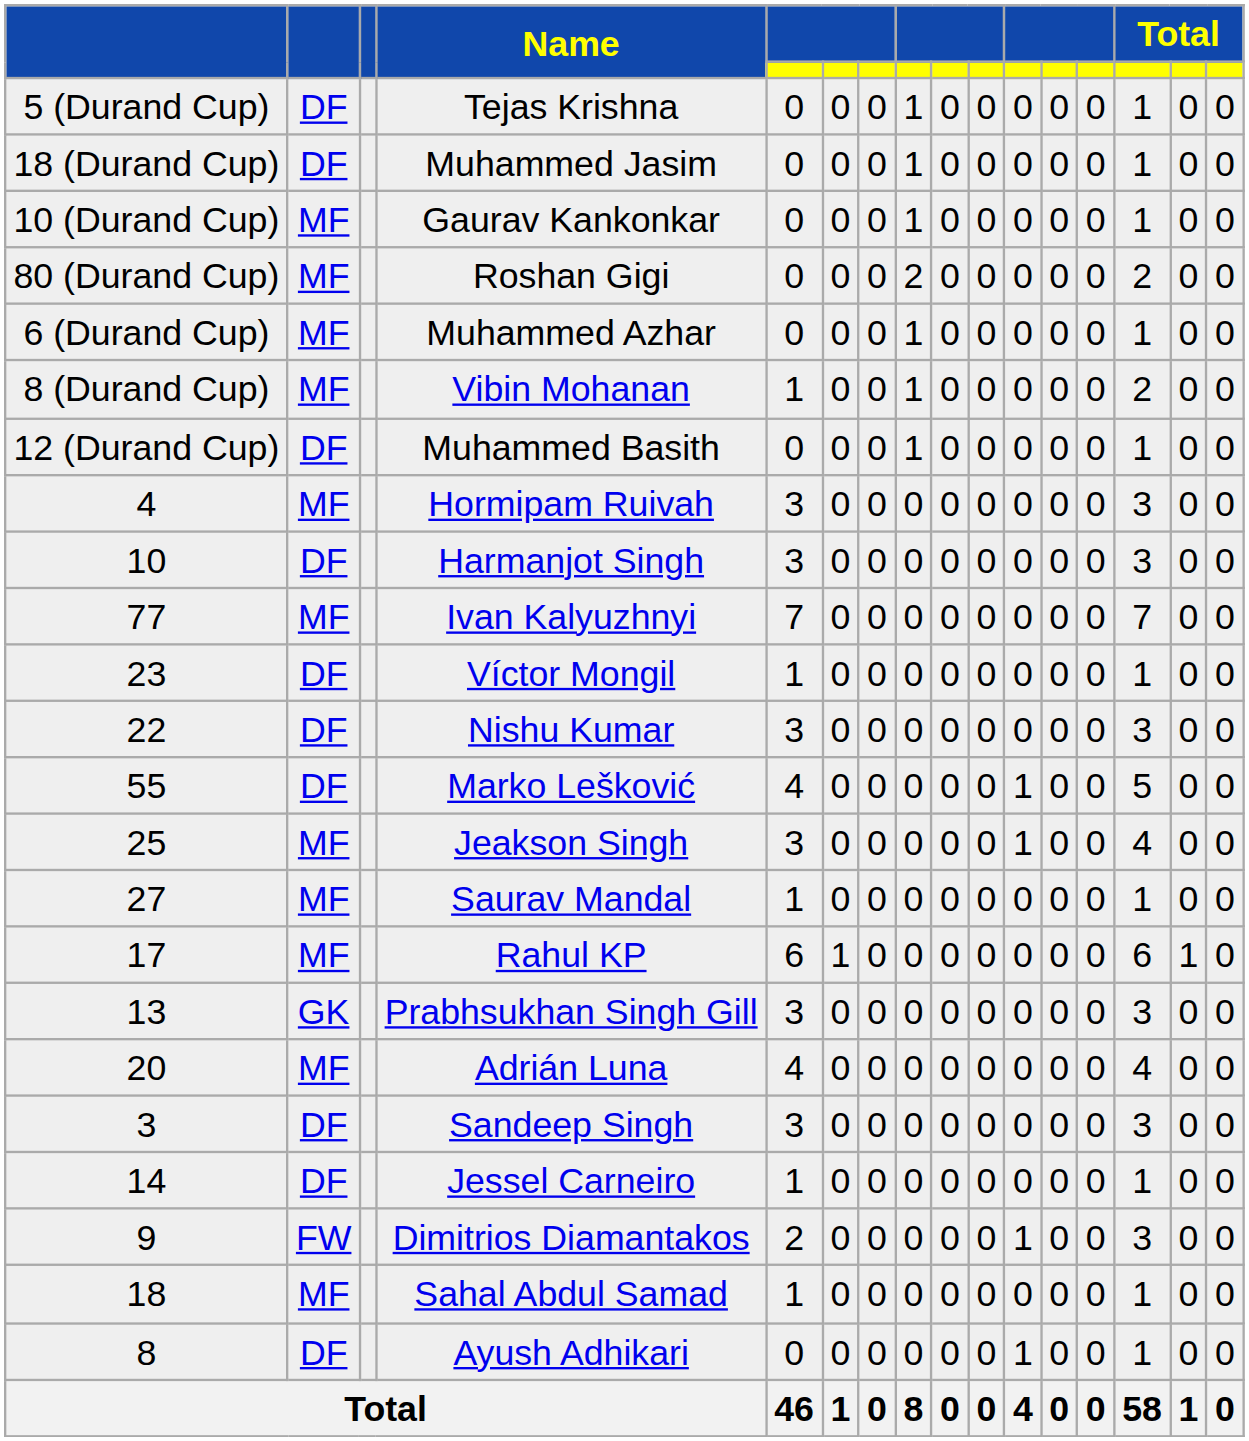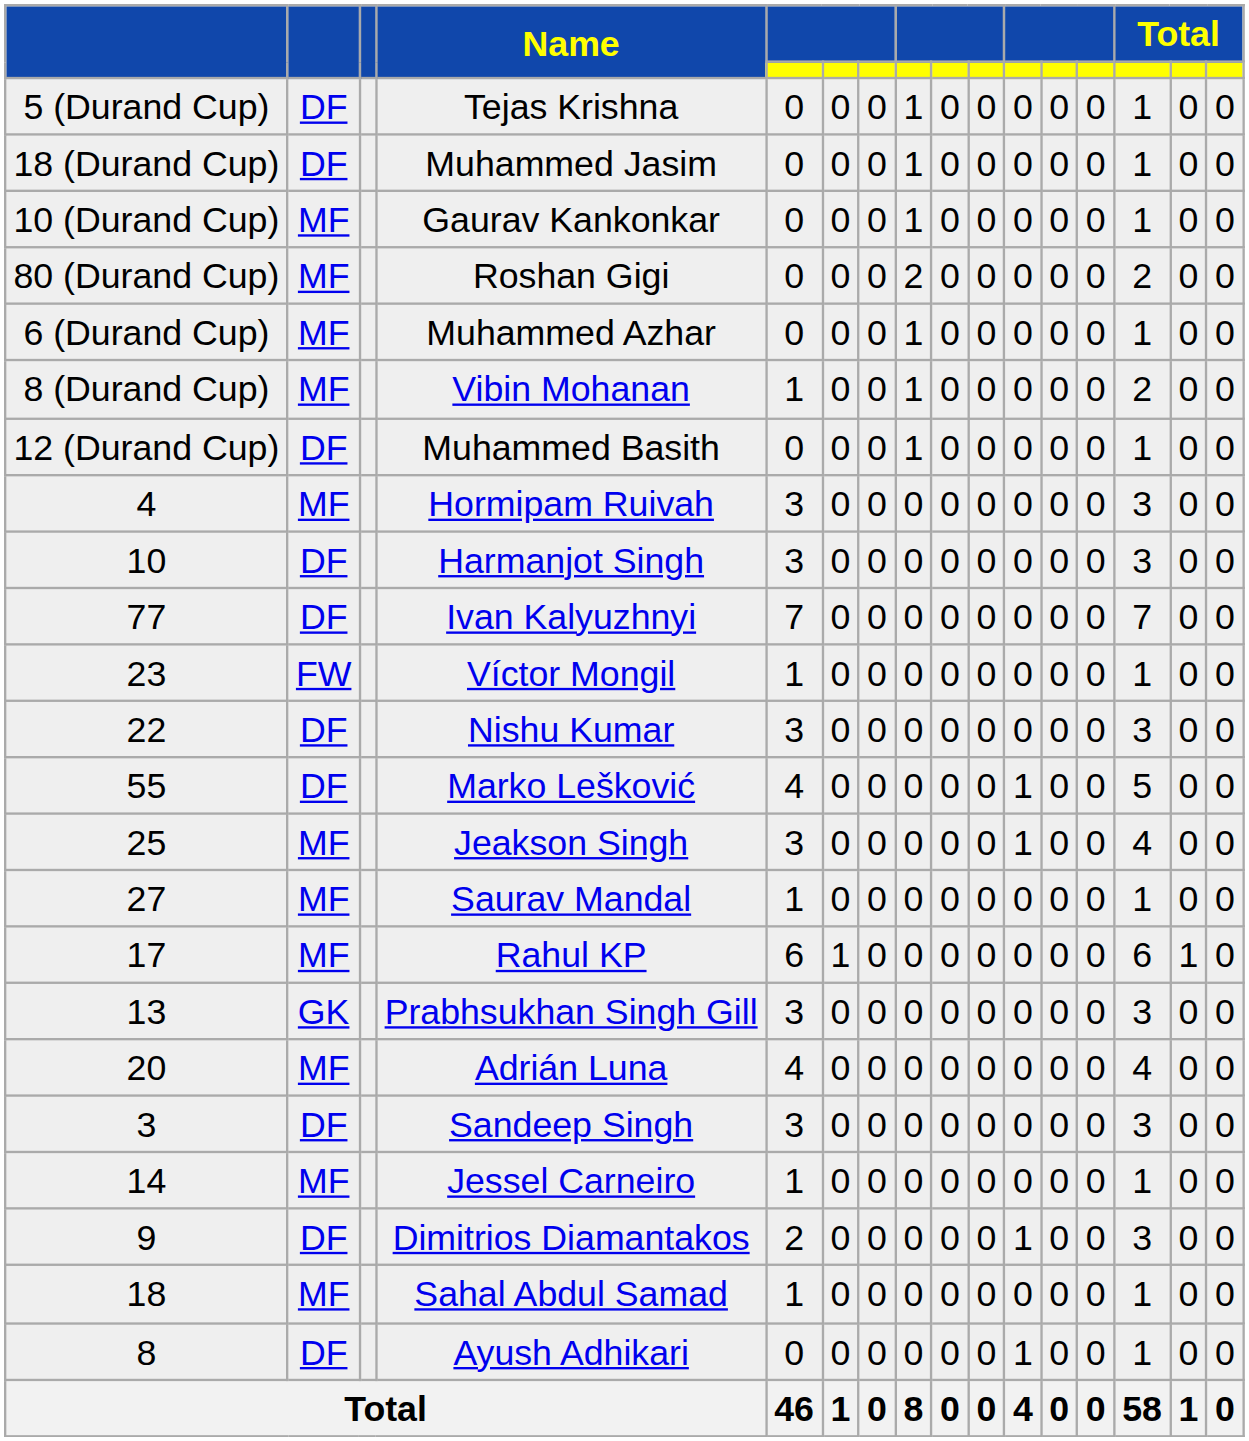 <table class="wikitable sortable" style="font-size: 95%; text-align: center;">
 <tr>
 <th rowspan=2 style="background:#1047AB; color:#FFFF00;"></th>
 <th rowspan=2 style="background:#1047AB; color:#FFFF00;"></th>
 <th rowspan=2 style="background:#1047AB; color:#FFFF00;"></th>
 <th rowspan=2 style="background:#1047AB; color:#FFFF00;">Name</th>
 <th colspan=3 style="background:#1047AB; color:#FFFF00;"></th>
 <th colspan=3 style="background:#1047AB; color:#FFFF00;"></th>
 <th colspan=3 style="background:#1047AB; color:#FFFF00;"></th>
 <th colspan=3 style="background:#1047AB; color:#FFFF00;">Total</th>
 </tr>
 <tr>
 <th style="background:#FFFF00; color:#FFFF00;"></th>
 <th style="background:#FFFF00; color:#FFFF00;"></th>
 <th style="background:#FFFF00; color:#FFFF00;"></th>
 <th style="background:#FFFF00; color:#FFFF00;"></th>
 <th style="background:#FFFF00; color:#FFFF00;"></th>
 <th style="background:#FFFF00; color:#FFFF00;"></th>
 <th style="background:#FFFF00; color:#FFFF00;"></th>
 <th style="background:#FFFF00; color:#FFFF00;"></th>
 <th style="background:#FFFF00; color:#FFFF00;"></th>
 <th style="background:#FFFF00; color:#FFFF00;"></th>
 <th style="background:#FFFF00; color:#FFFF00;"></th>
 <th style="background:#FFFF00; color:#FFFF00;"></th>
 </tr>
 <tr bgcolor="#efefef">
 <td>5 (Durand Cup)</td>
 <td><a href='#'>DF</a></td>
 <td></td>
 <td>Tejas Krishna</td>
 <td>0</td>
 <td>0</td>
 <td>0</td>
 <td>1</td>
 <td>0</td>
 <td>0</td>
 <td>0</td>
 <td>0</td>
 <td>0</td>
 <td>1</td>
 <td>0</td>
 <td>0</td>
 </tr>
 <tr bgcolor="#efefef">
 <td>18 (Durand Cup)</td>
 <td><a href='#'>DF</a></td>
 <td></td>
 <td>Muhammed Jasim</td>
 <td>0</td>
 <td>0</td>
 <td>0</td>
 <td>1</td>
 <td>0</td>
 <td>0</td>
 <td>0</td>
 <td>0</td>
 <td>0</td>
 <td>1</td>
 <td>0</td>
 <td>0</td>
 </tr>
 <tr bgcolor="#efefef">
 <td>10 (Durand Cup)</td>
 <td><a href='#'>MF</a></td>
 <td></td>
 <td>Gaurav Kankonkar</td>
 <td>0</td>
 <td>0</td>
 <td>0</td>
 <td>1</td>
 <td>0</td>
 <td>0</td>
 <td>0</td>
 <td>0</td>
 <td>0</td>
 <td>1</td>
 <td>0</td>
 <td>0</td>
 </tr>
 <tr bgcolor="#efefef">
 <td>80 (Durand Cup)</td>
 <td><a href='#'>MF</a></td>
 <td></td>
 <td>Roshan Gigi</td>
 <td>0</td>
 <td>0</td>
 <td>0</td>
 <td>2</td>
 <td>0</td>
 <td>0</td>
 <td>0</td>
 <td>0</td>
 <td>0</td>
 <td>2</td>
 <td>0</td>
 <td>0</td>
 </tr>
 <tr bgcolor="#efefef">
 <td>6 (Durand Cup)</td>
 <td><a href='#'>MF</a></td>
 <td></td>
 <td>Muhammed Azhar</td>
 <td>0</td>
 <td>0</td>
 <td>0</td>
 <td>1</td>
 <td>0</td>
 <td>0</td>
 <td>0</td>
 <td>0</td>
 <td>0</td>
 <td>1</td>
 <td>0</td>
 <td>0</td>
 </tr>
 <tr bgcolor="#efefef">
 <td>8 (Durand Cup)</td>
 <td><a href='#'>MF</a></td>
 <td></td>
 <td><a href='#'>Vibin Mohanan</a></td>
 <td>1</td>
 <td>0</td>
 <td>0</td>
 <td>1</td>
 <td>0</td>
 <td>0</td>
 <td>0</td>
 <td>0</td>
 <td>0</td>
 <td>2</td>
 <td>0</td>
 <td>0</td>
 </tr>
 <tr bgcolor="#efefef">
 <td>12 (Durand Cup)</td>
 <td><a href='#'>DF</a></td>
 <td></td>
 <td>Muhammed Basith</td>
 <td>0</td>
 <td>0</td>
 <td>0</td>
 <td>1</td>
 <td>0</td>
 <td>0</td>
 <td>0</td>
 <td>0</td>
 <td>0</td>
 <td>1</td>
 <td>0</td>
 <td>0</td>
 </tr>
 <tr bgcolor="#efefef">
 <td>4</td>
 <td><a href='#'>MF</a></td>
 <td></td>
 <td><a href='#'>Hormipam Ruivah</a></td>
 <td>3</td>
 <td>0</td>
 <td>0</td>
 <td>0</td>
 <td>0</td>
 <td>0</td>
 <td>0</td>
 <td>0</td>
 <td>0</td>
 <td>3</td>
 <td>0</td>
 <td>0</td>
 </tr>
 <tr bgcolor="#efefef">
 <td>10</td>
 <td><a href='#'>DF</a></td>
 <td></td>
 <td><a href='#'>Harmanjot Singh</a></td>
 <td>3</td>
 <td>0</td>
 <td>0</td>
 <td>0</td>
 <td>0</td>
 <td>0</td>
 <td>0</td>
 <td>0</td>
 <td>0</td>
 <td>3</td>
 <td>0</td>
 <td>0</td>
 </tr>
 <tr bgcolor="#efefef">
 <td>77</td>
-<td><a href='#'>MF</a></td>
+<td><a href='#'>DF</a></td>
 <td></td>
 <td><a href='#'>Ivan Kalyuzhnyi</a></td>
 <td>7</td>
 <td>0</td>
 <td>0</td>
 <td>0</td>
 <td>0</td>
 <td>0</td>
 <td>0</td>
 <td>0</td>
 <td>0</td>
 <td>7</td>
 <td>0</td>
 <td>0</td>
 </tr>
 <tr bgcolor="#efefef">
 <td>23</td>
-<td><a href='#'>DF</a></td>
+<td><a href='#'>FW</a></td>
 <td></td>
 <td><a href='#'>Víctor Mongil</a></td>
 <td>1</td>
 <td>0</td>
 <td>0</td>
 <td>0</td>
 <td>0</td>
 <td>0</td>
 <td>0</td>
 <td>0</td>
 <td>0</td>
 <td>1</td>
 <td>0</td>
 <td>0</td>
 </tr>
 <tr bgcolor="#efefef">
 <td>22</td>
 <td><a href='#'>DF</a></td>
 <td></td>
 <td><a href='#'>Nishu Kumar</a></td>
 <td>3</td>
 <td>0</td>
 <td>0</td>
 <td>0</td>
 <td>0</td>
 <td>0</td>
 <td>0</td>
 <td>0</td>
 <td>0</td>
 <td>3</td>
 <td>0</td>
 <td>0</td>
 </tr>
 <tr bgcolor="#efefef">
 <td>55</td>
 <td><a href='#'>DF</a></td>
 <td></td>
 <td><a href='#'>Marko Lešković</a></td>
 <td>4</td>
 <td>0</td>
 <td>0</td>
 <td>0</td>
 <td>0</td>
 <td>0</td>
 <td>1</td>
 <td>0</td>
 <td>0</td>
 <td>5</td>
 <td>0</td>
 <td>0</td>
 </tr>
 <tr bgcolor="#efefef">
 <td>25</td>
 <td><a href='#'>MF</a></td>
 <td></td>
 <td><a href='#'>Jeakson Singh</a></td>
 <td>3</td>
 <td>0</td>
 <td>0</td>
 <td>0</td>
 <td>0</td>
 <td>0</td>
 <td>1</td>
 <td>0</td>
 <td>0</td>
 <td>4</td>
 <td>0</td>
 <td>0</td>
 </tr>
 <tr bgcolor="#efefef">
 <td>27</td>
 <td><a href='#'>MF</a></td>
 <td></td>
 <td><a href='#'>Saurav Mandal</a></td>
 <td>1</td>
 <td>0</td>
 <td>0</td>
 <td>0</td>
 <td>0</td>
 <td>0</td>
 <td>0</td>
 <td>0</td>
 <td>0</td>
 <td>1</td>
 <td>0</td>
 <td>0</td>
 </tr>
 <tr bgcolor="#efefef">
 <td>17</td>
 <td><a href='#'>MF</a></td>
 <td></td>
 <td><a href='#'>Rahul KP</a></td>
 <td>6</td>
 <td>1</td>
 <td>0</td>
 <td>0</td>
 <td>0</td>
 <td>0</td>
 <td>0</td>
 <td>0</td>
 <td>0</td>
 <td>6</td>
 <td>1</td>
 <td>0</td>
 </tr>
 <tr bgcolor="#efefef">
 <td>13</td>
 <td><a href='#'>GK</a></td>
 <td></td>
 <td><a href='#'>Prabhsukhan Singh Gill</a></td>
 <td>3</td>
 <td>0</td>
 <td>0</td>
 <td>0</td>
 <td>0</td>
 <td>0</td>
 <td>0</td>
 <td>0</td>
 <td>0</td>
 <td>3</td>
 <td>0</td>
 <td>0</td>
 </tr>
 <tr bgcolor="#efefef">
 <td>20</td>
 <td><a href='#'>MF</a></td>
 <td></td>
 <td><a href='#'>Adrián Luna</a></td>
 <td>4</td>
 <td>0</td>
 <td>0</td>
 <td>0</td>
 <td>0</td>
 <td>0</td>
 <td>0</td>
 <td>0</td>
 <td>0</td>
 <td>4</td>
 <td>0</td>
 <td>0</td>
 </tr>
 <tr bgcolor="#efefef">
 <td>3</td>
 <td><a href='#'>DF</a></td>
 <td></td>
 <td><a href='#'>Sandeep Singh</a></td>
 <td>3</td>
 <td>0</td>
 <td>0</td>
 <td>0</td>
 <td>0</td>
 <td>0</td>
 <td>0</td>
 <td>0</td>
 <td>0</td>
 <td>3</td>
 <td>0</td>
 <td>0</td>
 </tr>
 <tr bgcolor="#efefef">
 <td>14</td>
-<td><a href='#'>DF</a></td>
+<td><a href='#'>MF</a></td>
 <td></td>
 <td><a href='#'>Jessel Carneiro</a></td>
 <td>1</td>
 <td>0</td>
 <td>0</td>
 <td>0</td>
 <td>0</td>
 <td>0</td>
 <td>0</td>
 <td>0</td>
 <td>0</td>
 <td>1</td>
 <td>0</td>
 <td>0</td>
 </tr>
 <tr bgcolor="#efefef">
 <td>9</td>
-<td><a href='#'>FW</a></td>
+<td><a href='#'>DF</a></td>
 <td></td>
 <td><a href='#'>Dimitrios Diamantakos</a></td>
 <td>2</td>
 <td>0</td>
 <td>0</td>
 <td>0</td>
 <td>0</td>
 <td>0</td>
 <td>1</td>
 <td>0</td>
 <td>0</td>
 <td>3</td>
 <td>0</td>
 <td>0</td>
 </tr>
 <tr bgcolor="#efefef">
 <td>18</td>
 <td><a href='#'>MF</a></td>
 <td></td>
 <td><a href='#'>Sahal Abdul Samad</a></td>
 <td>1</td>
 <td>0</td>
 <td>0</td>
 <td>0</td>
 <td>0</td>
 <td>0</td>
 <td>0</td>
 <td>0</td>
 <td>0</td>
 <td>1</td>
 <td>0</td>
 <td>0</td>
 </tr>
 <tr |- bgcolor="#efefef">
 <td>8</td>
 <td><a href='#'>DF</a></td>
 <td></td>
 <td><a href='#'>Ayush Adhikari</a></td>
 <td>0</td>
 <td>0</td>
 <td>0</td>
 <td>0</td>
 <td>0</td>
 <td>0</td>
 <td>1</td>
 <td>0</td>
 <td>0</td>
 <td>1</td>
 <td>0</td>
 <td>0</td>
 </tr>
 <tr>
 <th colspan="4">Total</th>
 <th>46</th>
 <th>1</th>
 <th>0</th>
 <th>8</th>
 <th>0</th>
 <th>0</th>
 <th>4</th>
 <th>0</th>
 <th>0</th>
 <th>58</th>
 <th>1</th>
 <th>0</th>
 </tr>
 </table>
